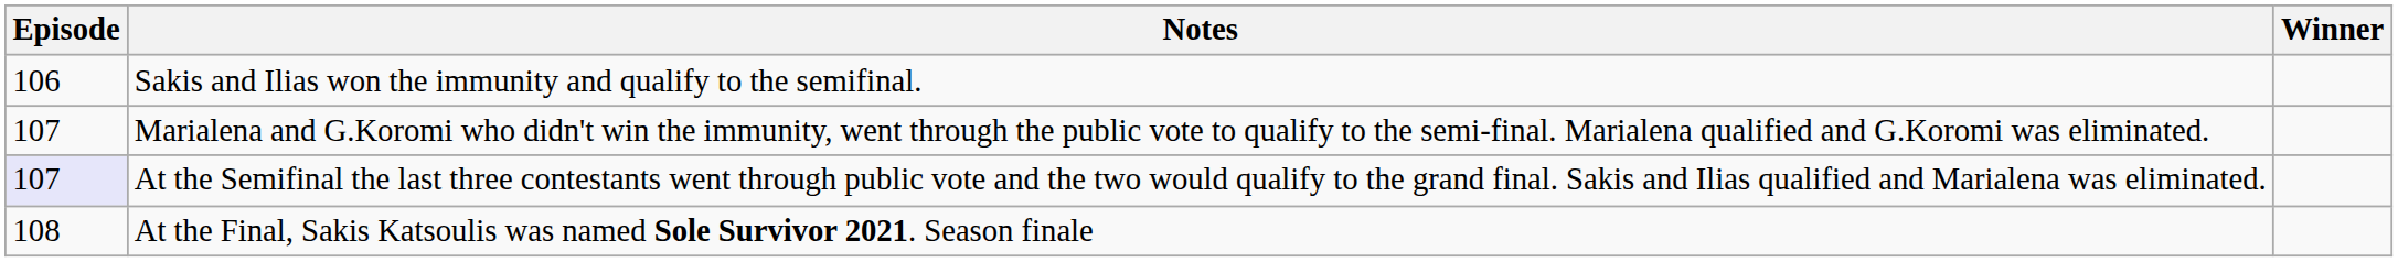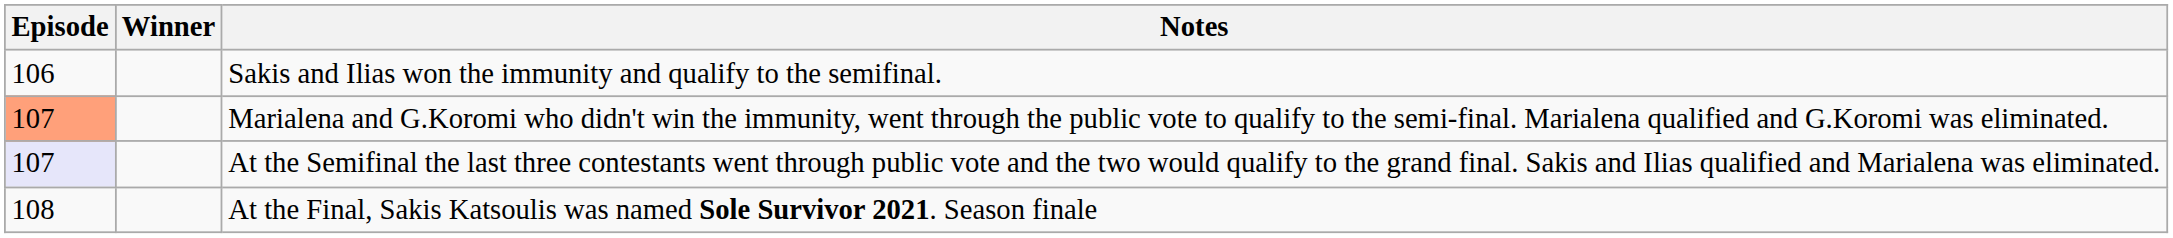 <table class="wikitable sortable">
 <tr>
 <th>Episode</th>
+<th>Winner</th>
 <th>Notes</th>
-<th>Winner</th>
 </tr>
 <tr>
 <td>106</td>
+<td></td>
 <td>Sakis and Ilias won the immunity and qualify to the semifinal.</td>
-<td></td>
 </tr>
 <tr>
-<td>107</td>
+<td style="background: lightsalmon;">107</td>
+<td></td>
 <td>Marialena and G.Koromi who didn't win the immunity, went through the public vote to qualify to the semi-final. Marialena qualified and G.Koromi was eliminated.</td>
-<td></td>
 </tr>
 <tr>
 <td style="background: lavender;">107</td>
+<td></td>
 <td>At the Semifinal the last three contestants went through public vote and the two would qualify to the grand final. Sakis and Ilias qualified and Marialena was eliminated.</td>
-<td></td>
 </tr>
 <tr>
 <td>108</td>
+<td></td>
 <td>At the Final, Sakis Katsoulis was named <strong>Sole Survivor 2021</strong>. Season finale</td>
-<td></td>
 </tr>
 </table>
